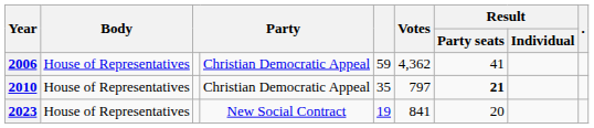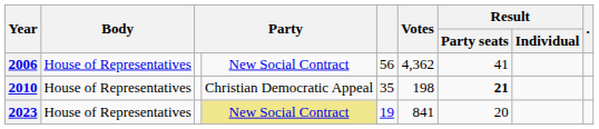 <table class="wikitable plainrowheaders sortable" border=2 cellpadding=4 cellspacing=0 style="border: 1px #aaa solid; font-size: 90%; text-align:center;">
 <tr>
 <th scope="col" rowspan=2>Year</th>
 <th scope="col" rowspan=2>Body</th>
 <th scope="col" colspan=2 rowspan=2>Party</th>
 <th scope="col" rowspan=2></th>
 <th scope="col" rowspan=2>Votes</th>
 <th scope="colgroup" colspan=2>Result</th>
 <th scope="col" rowspan=2 class="unsortable">.</th>
 </tr>
 <tr>
 <th scope="col">Party seats</th>
 <th scope="col">Individual</th>
 </tr>
 <tr>
 <th scope="row"><a href='#'>2006</a></th>
 <td><a href='#'>House of Representatives</a></td>
 <td style="background-color:"></td>
-<td><a href='#'>Christian Democratic Appeal</a></td>
-<td style=text-align:right>59</td>
+<td><a href='#'>New Social Contract</a></td>
+<td style=text-align:right>56</td>
 <td style=text-align:right>4,362</td>
 <td style=text-align:right>41</td>
 <td></td>
 <td></td>
 </tr>
 <tr>
 <th scope="row"><a href='#'>2010</a></th>
 <td>House of Representatives</td>
 <td style="background-color:"></td>
 <td>Christian Democratic Appeal</td>
 <td style=text-align:right>35</td>
-<td style=text-align:right>797</td>
+<td style=text-align:right>198</td>
 <td style=text-align:right><strong>21</strong></td>
 <td></td>
 <td></td>
 </tr>
 <tr>
 <th scope="row"><a href='#'>2023</a></th>
 <td>House of Representatives</td>
 <td style="background-color:"></td>
-<td><a href='#'>New Social Contract</a></td>
+<td style="background: khaki;"><a href='#'>New Social Contract</a></td>
 <td style=text-align:right><a href='#'>19</a></td>
 <td style=text-align:right>841</td>
 <td style=text-align:right>20</td>
 <td></td>
 <td></td>
 </tr>
 </table>
